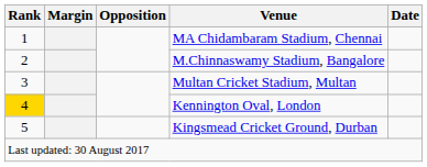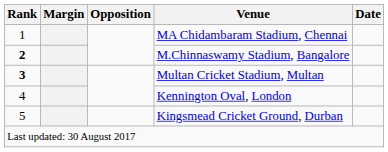 <table class="wikitable plainrowheaders sortable">
 <tr>
 <th scope="col">Rank</th>
 <th scope="col">Margin</th>
 <th scope="col">Opposition</th>
 <th scope="col">Venue</th>
 <th scope="col">Date</th>
 </tr>
 <tr>
 <td align=center>1</td>
 <th scope="row" style="text-align:center;"></th>
 <td rowspan=2></td>
 <td><a href='#'>MA Chidambaram Stadium</a>, <a href='#'>Chennai</a></td>
 <td></td>
 </tr>
 <tr>
-<td align=center>2</td>
+<td align=center><strong>2</strong></td>
 <th scope="row" style="text-align:center;"></th>
 <td><a href='#'>M.Chinnaswamy Stadium</a>, <a href='#'>Bangalore</a></td>
 <td></td>
 </tr>
 <tr>
-<td align=center>3</td>
+<td align=center><strong>3</strong></td>
 <th scope="row" style="text-align:center;"></th>
 <td rowspan=2></td>
 <td><a href='#'>Multan Cricket Stadium</a>, <a href='#'>Multan</a></td>
 <td></td>
 </tr>
 <tr>
-<td align=center style="background: gold;">4</td>
+<td align=center>4</td>
 <th scope="row" style="text-align:center;"></th>
 <td><a href='#'>Kennington Oval</a>, <a href='#'>London</a></td>
 <td></td>
 </tr>
 <tr>
 <td align=center>5</td>
 <th scope="row" style="text-align:center;"></th>
 <td></td>
 <td><a href='#'>Kingsmead Cricket Ground</a>, <a href='#'>Durban</a></td>
 <td></td>
 </tr>
 <tr class=sortbottom>
 <td colspan=5><small>Last updated: 30 August 2017</small></td>
 </tr>
 </table>
